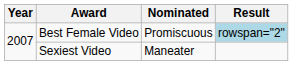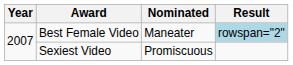 <table class="wikitable">
 <tr>
 <th>Year</th>
 <th>Award</th>
 <th>Nominated</th>
 <th>Result</th>
 </tr>
 <tr>
 <td rowspan="2">2007</td>
 <td>Best Female Video</td>
-<td>Promiscuous</td>
+<td>Maneater</td>
 <td style="background: lightblue;">rowspan="2" </td>
 </tr>
 <tr>
 <td>Sexiest Video</td>
-<td>Maneater</td>
+<td>Promiscuous</td>
 </tr>
 </table>
